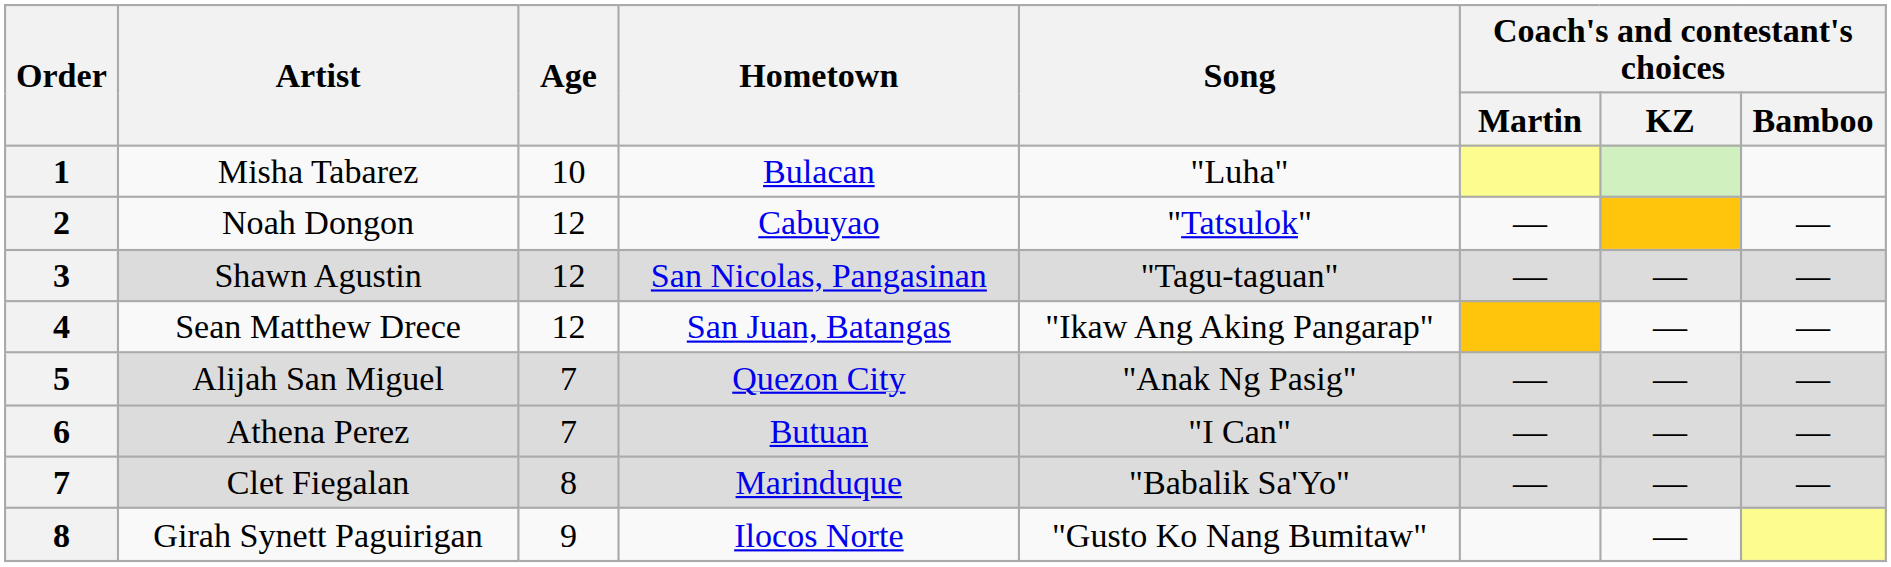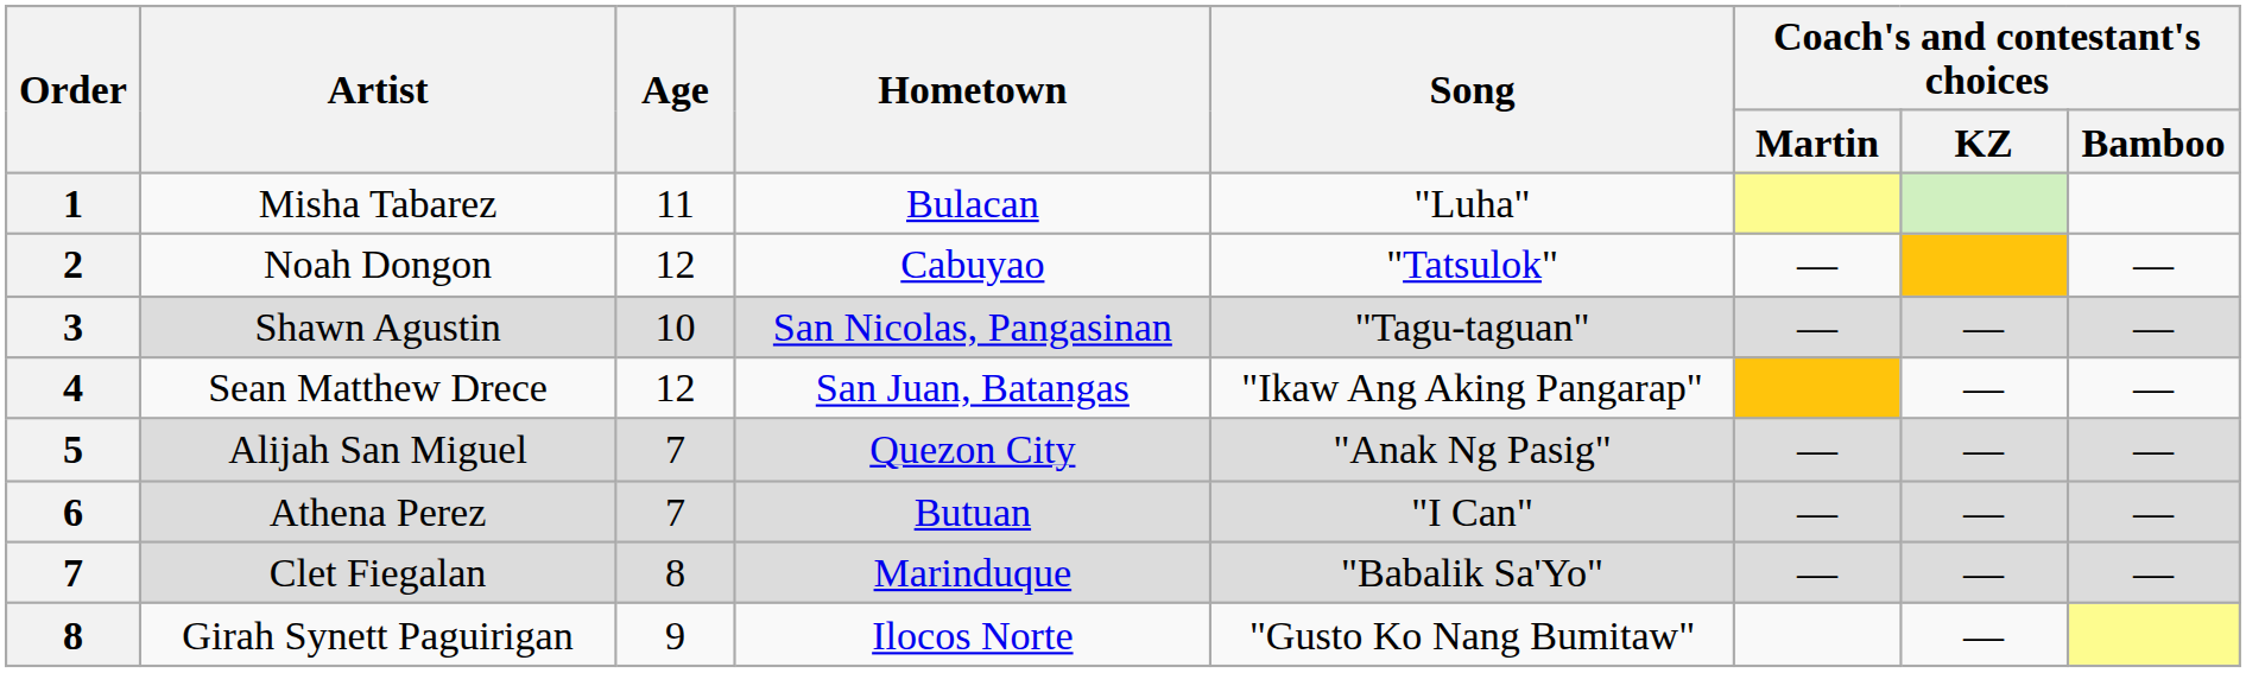 <table class="wikitable" style="text-align:center; line-height:17px; width:100%;">
 <tr>
 <th rowspan="2" scope="col" width="05%">Order</th>
 <th rowspan="2" scope="col" width="20%">Artist</th>
 <th rowspan="2" scope="col" width="05%">Age</th>
 <th rowspan="2" scope="col" width="20%">Hometown</th>
 <th rowspan="2" scope="col" width="22%">Song</th>
 <th colspan="3">Coach's and contestant's choices</th>
 </tr>
 <tr>
 <th width="07%">Martin</th>
 <th width="07%">KZ</th>
 <th width="07%">Bamboo</th>
 </tr>
 <tr>
 <th>1</th>
 <td>Misha Tabarez</td>
-<td>10</td>
+<td>11</td>
 <td><a href='#'>Bulacan</a></td>
 <td>"Luha"</td>
 <td style="background:#fdfc8f;"><strong></strong></td>
 <td style="background:#d0f0c0"><strong></strong></td>
 <td><strong></strong></td>
 </tr>
 <tr>
 <th>2</th>
 <td>Noah Dongon</td>
 <td>12</td>
 <td><a href='#'>Cabuyao</a></td>
 <td>"<a href='#'>Tatsulok</a>"</td>
 <td>—</td>
 <td style="background:#FFC40C;"><strong></strong></td>
 <td>—</td>
 </tr>
 <tr>
 <th>3</th>
 <td style="background:#DCDCDC;">Shawn Agustin</td>
-<td style="background:#DCDCDC;">12</td>
+<td style="background:#DCDCDC;">10</td>
 <td style="background:#DCDCDC;"><a href='#'>San Nicolas, Pangasinan</a></td>
 <td style="background:#DCDCDC;">"Tagu-taguan"</td>
 <td style="background:#DCDCDC;">—</td>
 <td style="background:#DCDCDC;">—</td>
 <td style="background:#DCDCDC;">—</td>
 </tr>
 <tr>
 <th>4</th>
 <td>Sean Matthew Drece</td>
 <td>12</td>
 <td><a href='#'>San Juan, Batangas</a></td>
 <td>"Ikaw Ang Aking Pangarap"</td>
 <td style="background:#FFC40C;"><strong></strong></td>
 <td>—</td>
 <td>—</td>
 </tr>
 <tr>
 <th>5</th>
 <td style="background:#DCDCDC;">Alijah San Miguel</td>
 <td style="background:#DCDCDC;">7</td>
 <td style="background:#DCDCDC;"><a href='#'>Quezon City</a></td>
 <td style="background:#DCDCDC;">"Anak Ng Pasig"</td>
 <td style="background:#DCDCDC;">—</td>
 <td style="background:#DCDCDC;">—</td>
 <td style="background:#DCDCDC;">—</td>
 </tr>
 <tr>
 <th>6</th>
 <td style="background:#DCDCDC;">Athena Perez</td>
 <td style="background:#DCDCDC;">7</td>
 <td style="background:#DCDCDC;"><a href='#'>Butuan</a></td>
 <td style="background:#DCDCDC;">"I Can"</td>
 <td style="background:#DCDCDC;">—</td>
 <td style="background:#DCDCDC;">—</td>
 <td style="background:#DCDCDC;">—</td>
 </tr>
 <tr>
 <th>7</th>
 <td style="background:#DCDCDC;">Clet Fiegalan</td>
 <td style="background:#DCDCDC;">8</td>
 <td style="background:#DCDCDC;"><a href='#'>Marinduque</a></td>
 <td style="background:#DCDCDC;">"Babalik Sa'Yo"</td>
 <td style="background:#DCDCDC;">—</td>
 <td style="background:#DCDCDC;">—</td>
 <td style="background:#DCDCDC;">—</td>
 </tr>
 <tr>
 <th>8</th>
 <td>Girah Synett Paguirigan</td>
 <td>9</td>
 <td><a href='#'>Ilocos Norte</a></td>
 <td>"Gusto Ko Nang Bumitaw"</td>
 <td><strong></strong></td>
 <td>—</td>
 <td style="background:#fdfc8f;"><strong></strong></td>
 </tr>
 </table>
